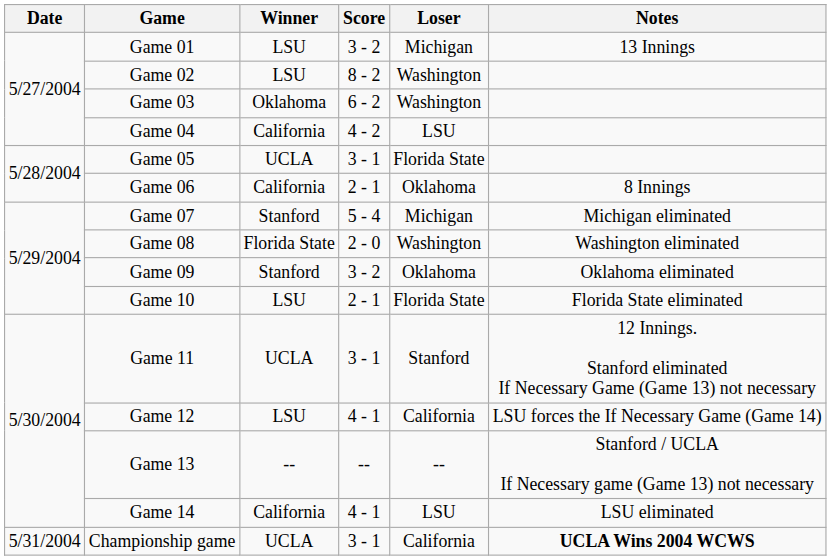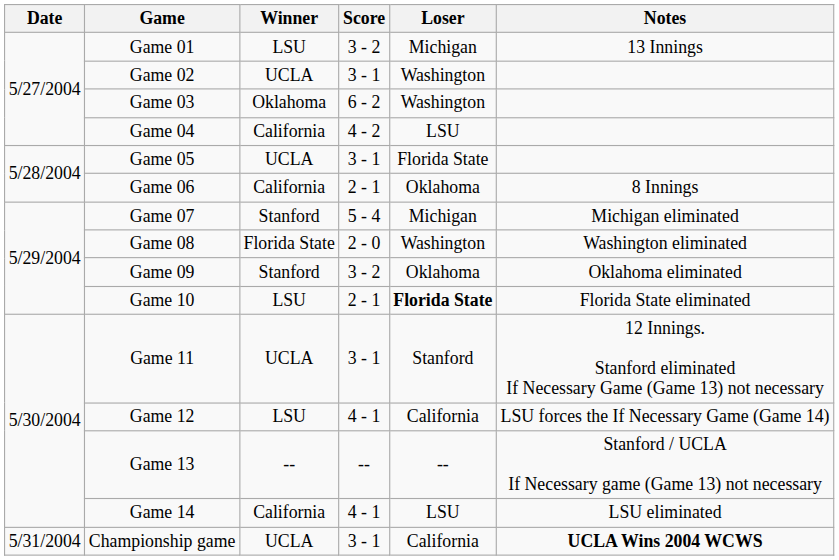 <table class="wikitable">
 <tr style="text-align:center; background:#f2f2f2;">
 <th>Date</th>
 <th>Game</th>
 <th>Winner</th>
 <th>Score</th>
 <th>Loser</th>
 <th>Notes</th>
 </tr>
 <tr align=center>
 <td rowspan=4>5/27/2004</td>
 <td>Game 01</td>
 <td>LSU</td>
 <td>3 - 2</td>
 <td>Michigan</td>
 <td>13 Innings</td>
 </tr>
 <tr align=center>
 <td>Game 02</td>
-<td>LSU</td>
-<td>8 - 2</td>
+<td>UCLA</td>
+<td>3 - 1</td>
 <td>Washington</td>
 <td></td>
 </tr>
 <tr align=center>
 <td>Game 03</td>
 <td>Oklahoma</td>
 <td>6 - 2</td>
 <td>Washington</td>
 <td></td>
 </tr>
 <tr align=center>
 <td>Game 04</td>
 <td>California</td>
 <td>4 - 2</td>
 <td>LSU</td>
 <td></td>
 </tr>
 <tr align=center>
 <td rowspan=2>5/28/2004</td>
 <td>Game 05</td>
 <td>UCLA</td>
 <td>3 - 1</td>
 <td>Florida State</td>
 <td></td>
 </tr>
 <tr align=center>
 <td>Game 06</td>
 <td>California</td>
 <td>2 - 1</td>
 <td>Oklahoma</td>
 <td>8 Innings</td>
 </tr>
 <tr align=center>
 <td rowspan=4>5/29/2004</td>
 <td>Game 07</td>
 <td>Stanford</td>
 <td>5 - 4</td>
 <td>Michigan</td>
 <td>Michigan eliminated</td>
 </tr>
 <tr align=center>
 <td>Game 08</td>
 <td>Florida State</td>
 <td>2 - 0</td>
 <td>Washington</td>
 <td>Washington eliminated</td>
 </tr>
 <tr align=center>
 <td>Game 09</td>
 <td>Stanford</td>
 <td>3 - 2</td>
 <td>Oklahoma</td>
 <td>Oklahoma eliminated</td>
 </tr>
 <tr align=center>
 <td>Game 10</td>
 <td>LSU</td>
 <td>2 - 1</td>
-<td>Florida State</td>
+<td><strong>Florida State</strong></td>
 <td>Florida State eliminated</td>
 </tr>
 <tr align=center>
 <td rowspan=4>5/30/2004</td>
 <td>Game 11</td>
 <td>UCLA</td>
 <td>3 - 1</td>
 <td>Stanford</td>
 <td>12 Innings.<br><br>Stanford eliminated<br> If Necessary Game (Game 13) not necessary</td>
 </tr>
 <tr align=center>
 <td>Game 12</td>
 <td>LSU</td>
 <td>4 - 1</td>
 <td>California</td>
 <td>LSU forces the If Necessary Game (Game 14)</td>
 </tr>
 <tr align=center>
 <td>Game 13</td>
 <td>--</td>
 <td>--</td>
 <td>--</td>
 <td>Stanford / UCLA<br><br>If Necessary game (Game 13) not necessary</td>
 </tr>
 <tr align=center>
 <td>Game 14</td>
 <td>California</td>
 <td>4 - 1</td>
 <td>LSU</td>
 <td>LSU eliminated</td>
 </tr>
 <tr align=center>
 <td>5/31/2004</td>
 <td>Championship game</td>
 <td>UCLA</td>
 <td>3 - 1</td>
 <td>California</td>
 <td><strong>UCLA Wins 2004 WCWS</strong></td>
 </tr>
 </table>
